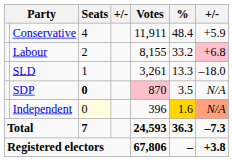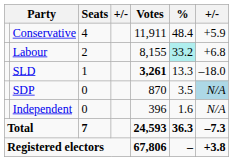 <table class="wikitable sortable">
 <tr>
 <th colspan="2">Party</th>
 <th>Seats</th>
 <th>+/-</th>
 <th>Votes</th>
 <th>%</th>
 <th>+/-</th>
 </tr>
 <tr>
 <td style="background-color: "></td>
 <td><a href='#'>Conservative</a></td>
 <td>4</td>
 <td></td>
 <td style="text-align:right;">11,911</td>
 <td style="text-align:right;">48.4</td>
 <td style="text-align:right;">+5.9</td>
 </tr>
 <tr>
 <td style="background-color: "></td>
 <td><a href='#'>Labour</a></td>
 <td>2</td>
 <td></td>
 <td style="text-align:right;">8,155</td>
-<td style="text-align:right;">33.2</td>
-<td style="background: pink; text-align:right;">+6.8</td>
+<td style="background: paleturquoise; text-align:right;">33.2</td>
+<td style="text-align:right;">+6.8</td>
 </tr>
 <tr>
 <td style="background-color: "></td>
 <td><a href='#'>SLD</a></td>
 <td>1</td>
 <td></td>
-<td style="text-align:right;">3,261</td>
+<td style="text-align:right;"><strong>3,261</strong></td>
 <td style="text-align:right;">13.3</td>
 <td style="text-align:right;">–18.0</td>
 </tr>
 <tr>
 <td style="background-color: "></td>
 <td><a href='#'>SDP</a></td>
-<td><strong>0</strong></td>
+<td>0</td>
 <td></td>
-<td style="background: pink; text-align:right;">870</td>
+<td style="text-align:right;">870</td>
 <td style="text-align:right;">3.5</td>
-<td style="text-align:right;"><em>N/A</em></td>
+<td style="background: lightblue; text-align:right;"><em>N/A</em></td>
 </tr>
 <tr>
 <td style="background-color: "></td>
 <td><a href='#'>Independent</a></td>
-<td style="background: lightyellow;">0</td>
+<td>0</td>
 <td></td>
 <td style="text-align:right;">396</td>
-<td style="background: gold; text-align:right;">1.6</td>
-<td style="background: lightsalmon; text-align:right;"><em>N/A</em></td>
+<td style="text-align:right;">1.6</td>
+<td style="text-align:right;"><em>N/A</em></td>
 </tr>
 <tr>
 <td colspan="2"><strong>Total</strong></td>
 <td><strong>7</strong></td>
 <td></td>
 <td style="text-align:right;"><strong>24,593</strong></td>
 <td style="text-align:right;"><strong>36.3</strong></td>
 <td style="text-align:right;"><strong>–7.3</strong></td>
 </tr>
 <tr>
 <td colspan="4"><strong>Registered electors</strong></td>
 <td style="text-align:right;"><strong>67,806</strong></td>
 <td style="text-align:right;"><strong>–</strong></td>
 <td style="text-align:right;"><strong>+3.8</strong></td>
 </tr>
 </table>
